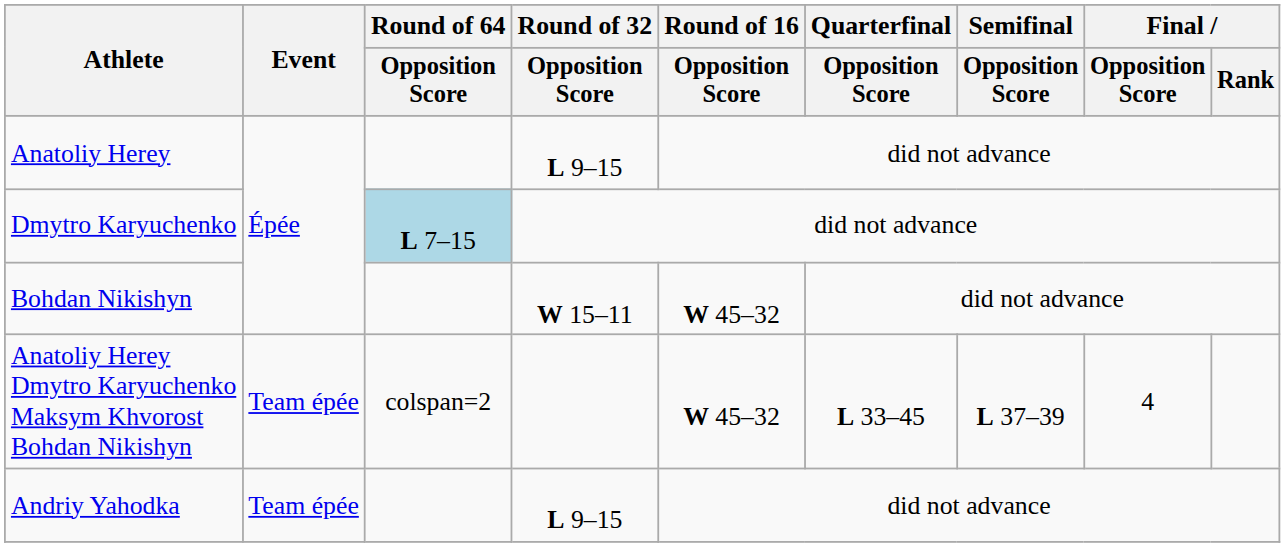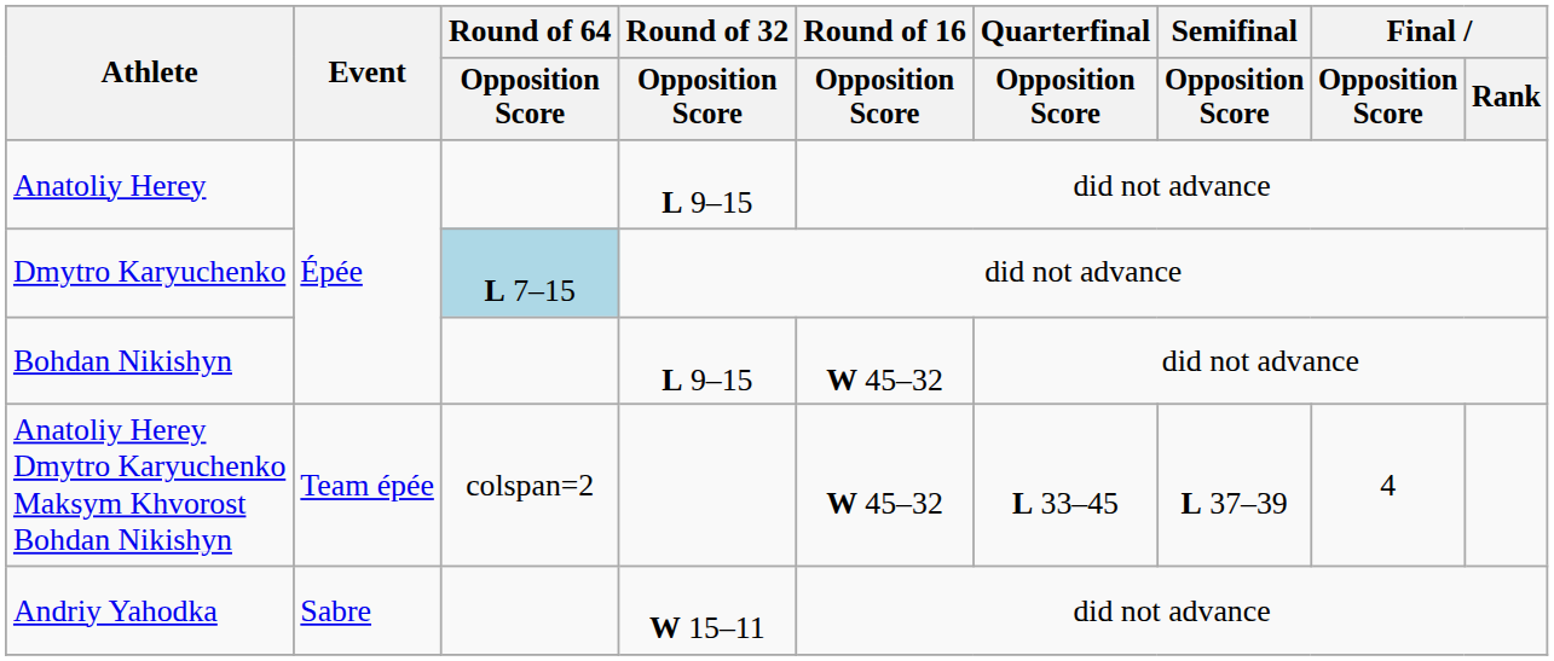 <table class="wikitable" style="font-size:90%">
 <tr>
 <th rowspan=2>Athlete</th>
 <th rowspan=2>Event</th>
 <th>Round of 64</th>
 <th>Round of 32</th>
 <th>Round of 16</th>
 <th>Quarterfinal</th>
 <th>Semifinal</th>
 <th colspan=2>Final / </th>
 </tr>
 <tr style="font-size:95%">
 <th>Opposition<br>Score</th>
 <th>Opposition<br>Score</th>
 <th>Opposition<br>Score</th>
 <th>Opposition<br>Score</th>
 <th>Opposition<br>Score</th>
 <th>Opposition<br>Score</th>
 <th>Rank</th>
 </tr>
 <tr align=center>
 <td align=left><a href='#'>Anatoliy Herey</a></td>
 <td align=left rowspan=3><a href='#'>Épée</a></td>
 <td></td>
 <td><br> <strong>L</strong> 9–15</td>
 <td colspan=5>did not advance</td>
 </tr>
 <tr align=center>
 <td align=left><a href='#'>Dmytro Karyuchenko</a></td>
 <td style="background: lightblue;"><br><strong>L</strong> 7–15</td>
 <td colspan=6>did not advance</td>
 </tr>
 <tr align=center>
 <td align=left><a href='#'>Bohdan Nikishyn</a></td>
 <td></td>
-<td><br> <strong>W</strong> 15–11</td>
+<td><br><strong>L</strong> 9–15</td>
 <td><br> <strong>W</strong> 45–32</td>
 <td colspan=4>did not advance</td>
 </tr>
 <tr align=center>
 <td align=left><a href='#'>Anatoliy Herey</a><br><a href='#'>Dmytro Karyuchenko</a><br><a href='#'>Maksym Khvorost</a><br><a href='#'>Bohdan Nikishyn</a></td>
 <td align=left><a href='#'>Team épée</a></td>
 <td>colspan=2 </td>
 <td></td>
 <td><br> <strong>W</strong> 45–32</td>
 <td><br> <strong>L</strong> 33–45</td>
 <td><br> <strong>L</strong> 37–39</td>
 <td>4</td>
 </tr>
 <tr align=center>
 <td align=left><a href='#'>Andriy Yahodka</a></td>
-<td align=left><a href='#'>Team épée</a></td>
+<td align=left><a href='#'>Sabre</a></td>
 <td></td>
-<td><br><strong>L</strong> 9–15</td>
+<td><br> <strong>W</strong> 15–11</td>
 <td colspan=5>did not advance</td>
 </tr>
 </table>
